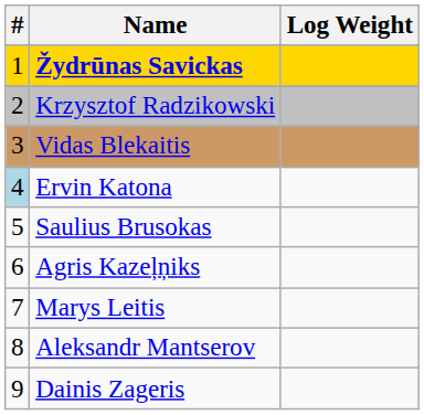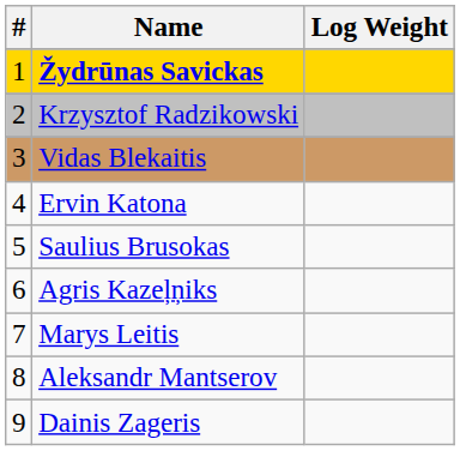 <table class="wikitable" style="display: inline-table">
 <tr>
 <th>#</th>
 <th>Name</th>
 <th>Log Weight</th>
 </tr>
 <tr>
 </tr>
 <tr style="background:gold;">
 <td>1</td>
 <td> <strong><a href='#'>Žydrūnas Savickas</a></strong></td>
 <td></td>
 </tr>
 <tr>
 </tr>
 <tr style="background:silver;">
 <td>2</td>
 <td> <a href='#'>Krzysztof Radzikowski</a></td>
 <td></td>
 </tr>
 <tr>
 </tr>
 <tr style="background:#c96;">
 <td>3</td>
 <td> <a href='#'>Vidas Blekaitis</a></td>
 <td></td>
 </tr>
 <tr>
-<td style="background: lightblue;">4</td>
+<td>4</td>
 <td> <a href='#'>Ervin Katona</a></td>
 <td></td>
 </tr>
 <tr>
 <td>5</td>
 <td> <a href='#'>Saulius Brusokas</a></td>
 <td></td>
 </tr>
 <tr>
 <td>6</td>
 <td> <a href='#'>Agris Kazeļņiks</a></td>
 <td></td>
 </tr>
 <tr>
 <td>7</td>
 <td> <a href='#'>Marys Leitis</a></td>
 <td></td>
 </tr>
 <tr>
 <td>8</td>
 <td> <a href='#'>Aleksandr Mantserov</a></td>
 <td></td>
 </tr>
 <tr>
 <td>9</td>
 <td> <a href='#'>Dainis Zageris</a></td>
 <td></td>
 </tr>
 </table>
